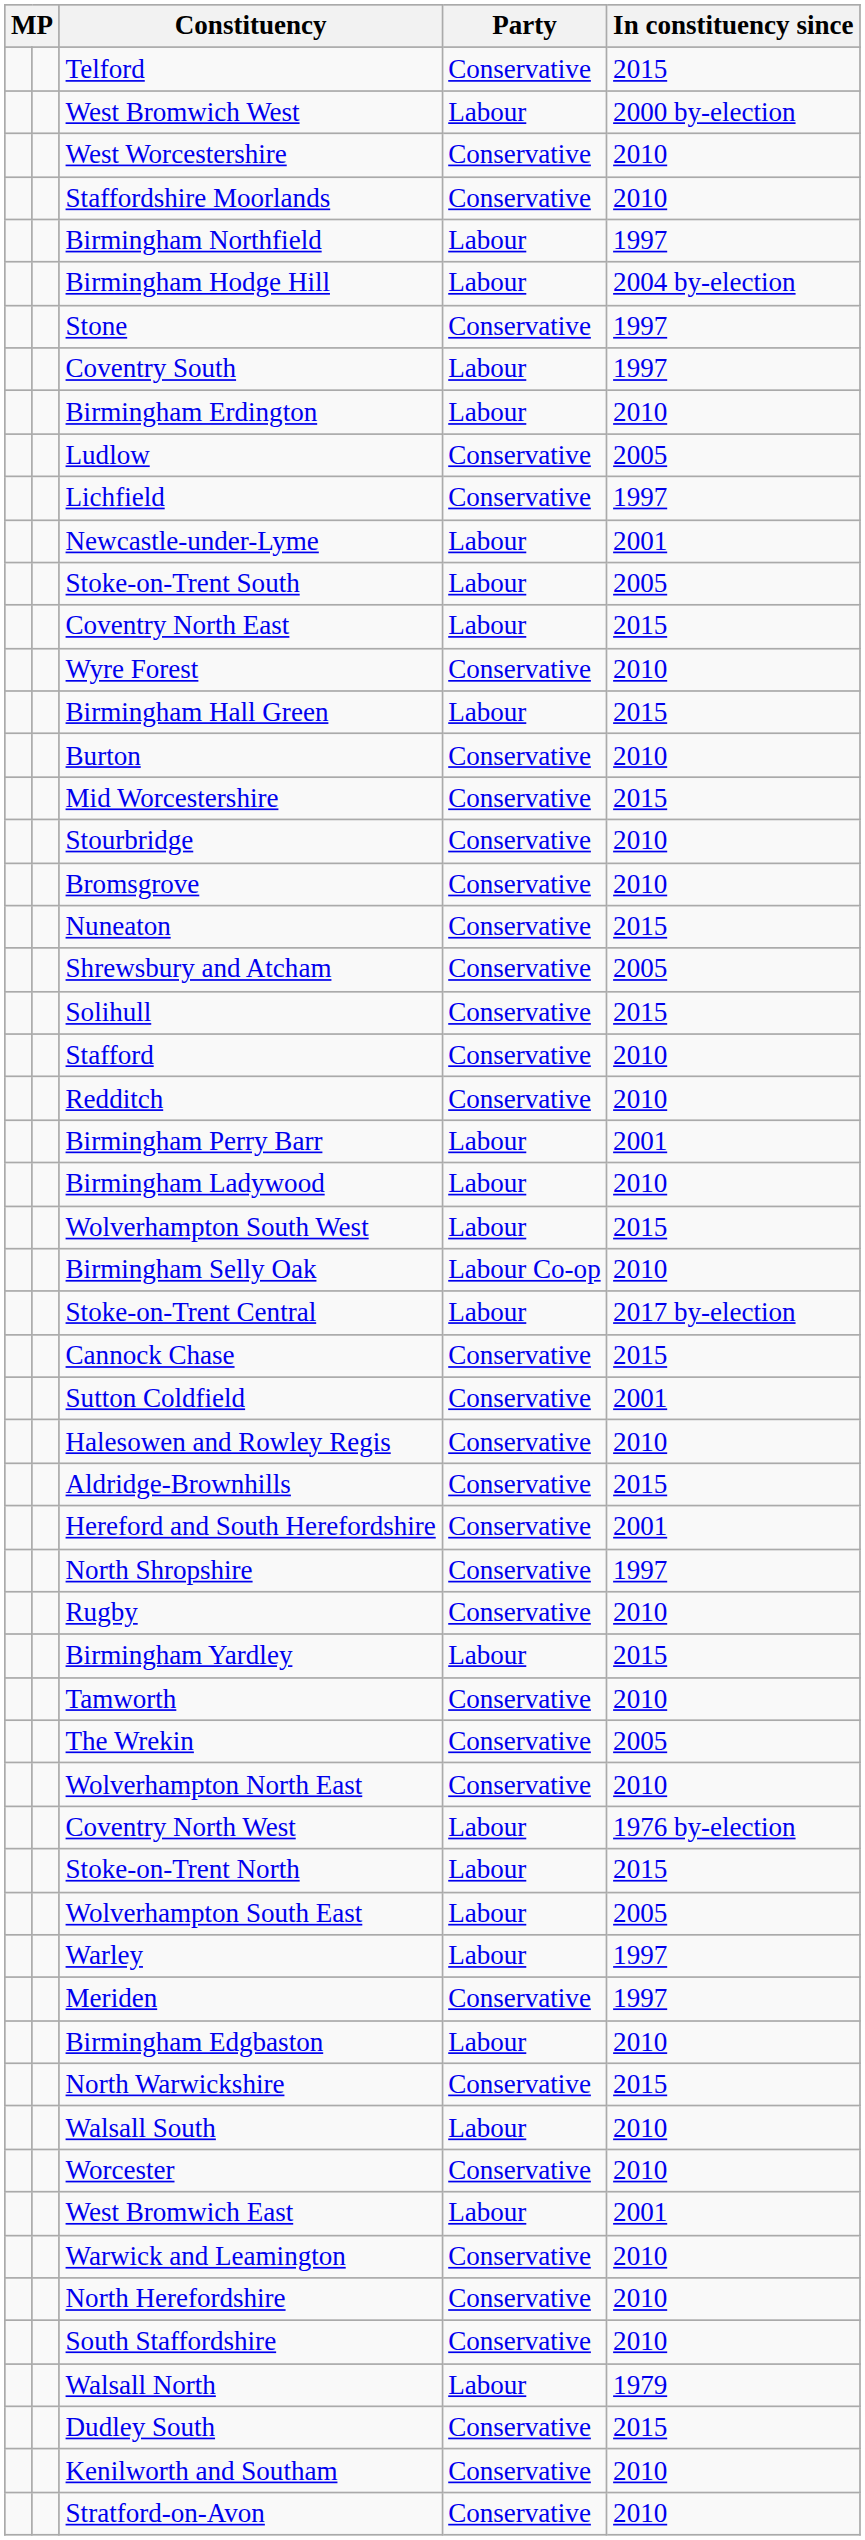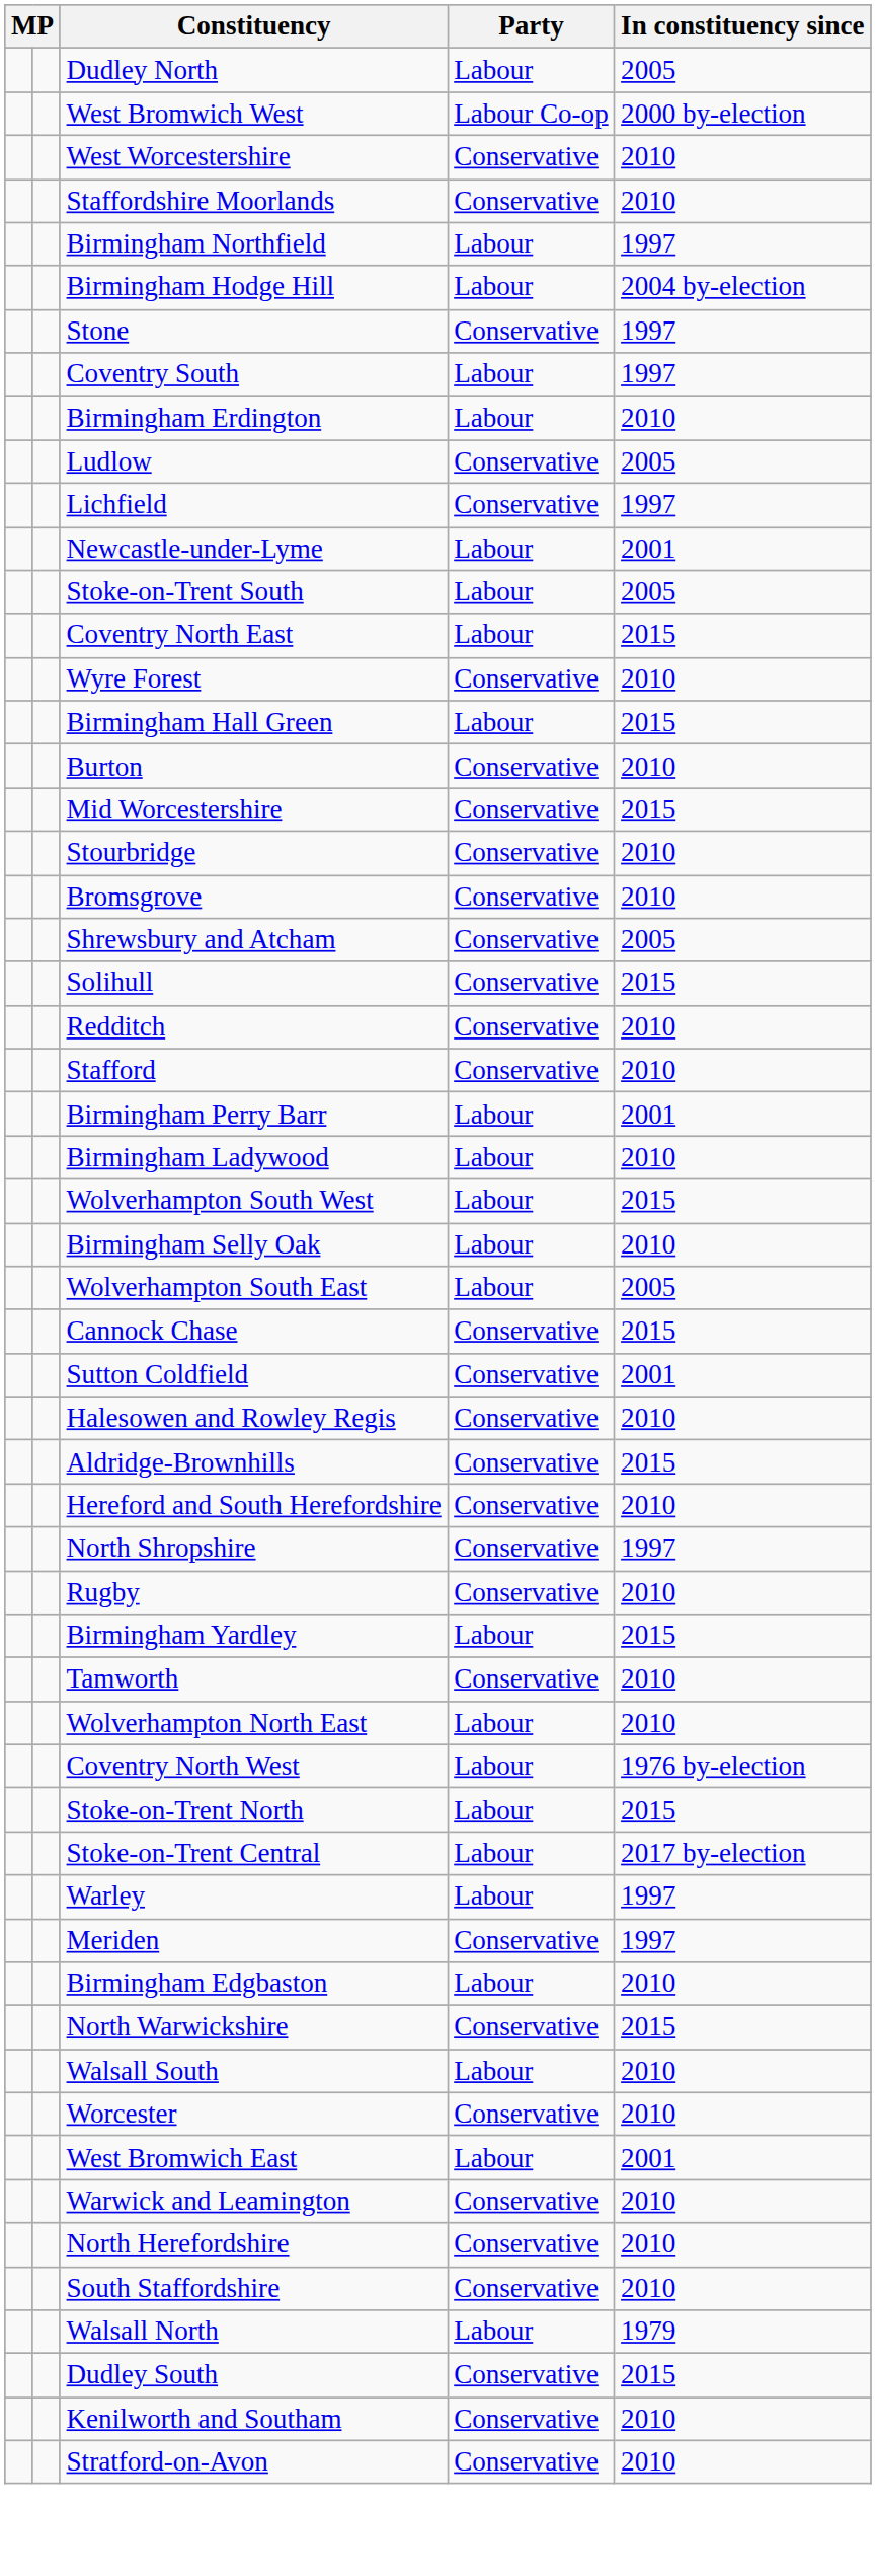 <table class="wikitable sortable">
 <tr>
 <th colspan=2>MP</th>
 <th>Constituency</th>
 <th>Party</th>
 <th>In constituency since</th>
 </tr>
 <tr>
 <td></td>
 <td></td>
-<td><a href='#'>Telford</a></td>
-<td><a href='#'>Conservative</a></td>
-<td><a href='#'>2015</a></td>
+<td><a href='#'>Dudley North</a></td>
+<td><a href='#'>Labour</a></td>
+<td><a href='#'>2005</a></td>
 </tr>
 <tr>
 <td></td>
 <td></td>
 <td><a href='#'>West Bromwich West</a></td>
-<td><a href='#'>Labour</a></td>
+<td><a href='#'>Labour Co-op</a></td>
 <td><a href='#'>2000 by-election</a></td>
 </tr>
 <tr>
 <td></td>
 <td></td>
 <td><a href='#'>West Worcestershire</a></td>
 <td><a href='#'>Conservative</a></td>
 <td><a href='#'>2010</a></td>
 </tr>
 <tr>
 <td></td>
 <td></td>
 <td><a href='#'>Staffordshire Moorlands</a></td>
 <td><a href='#'>Conservative</a></td>
 <td><a href='#'>2010</a></td>
 </tr>
 <tr>
 <td></td>
 <td></td>
 <td><a href='#'>Birmingham Northfield</a></td>
 <td><a href='#'>Labour</a></td>
 <td><a href='#'>1997</a></td>
 </tr>
 <tr>
 <td></td>
 <td></td>
 <td><a href='#'>Birmingham Hodge Hill</a></td>
 <td><a href='#'>Labour</a></td>
 <td><a href='#'>2004 by-election</a></td>
 </tr>
 <tr>
 <td></td>
 <td></td>
 <td><a href='#'>Stone</a></td>
 <td><a href='#'>Conservative</a></td>
 <td><a href='#'>1997</a></td>
 </tr>
 <tr>
 <td></td>
 <td></td>
 <td><a href='#'>Coventry South</a></td>
 <td><a href='#'>Labour</a></td>
 <td><a href='#'>1997</a></td>
 </tr>
 <tr>
 <td></td>
 <td></td>
 <td><a href='#'>Birmingham Erdington</a></td>
 <td><a href='#'>Labour</a></td>
 <td><a href='#'>2010</a></td>
 </tr>
 <tr>
 <td></td>
 <td></td>
 <td><a href='#'>Ludlow</a></td>
 <td><a href='#'>Conservative</a></td>
 <td><a href='#'>2005</a></td>
 </tr>
 <tr>
 <td></td>
 <td></td>
 <td><a href='#'>Lichfield</a></td>
 <td><a href='#'>Conservative</a></td>
 <td><a href='#'>1997</a></td>
 </tr>
 <tr>
 <td></td>
 <td></td>
 <td><a href='#'>Newcastle-under-Lyme</a></td>
 <td><a href='#'>Labour</a></td>
 <td><a href='#'>2001</a></td>
 </tr>
 <tr>
 <td></td>
 <td></td>
 <td><a href='#'>Stoke-on-Trent South</a></td>
 <td><a href='#'>Labour</a></td>
 <td><a href='#'>2005</a></td>
 </tr>
 <tr>
 <td></td>
 <td></td>
 <td><a href='#'>Coventry North East</a></td>
 <td><a href='#'>Labour</a></td>
 <td><a href='#'>2015</a></td>
 </tr>
 <tr>
 <td></td>
 <td></td>
 <td><a href='#'>Wyre Forest</a></td>
 <td><a href='#'>Conservative</a></td>
 <td><a href='#'>2010</a></td>
 </tr>
 <tr>
 <td></td>
 <td></td>
 <td><a href='#'>Birmingham Hall Green</a></td>
 <td><a href='#'>Labour</a></td>
 <td><a href='#'>2015</a></td>
 </tr>
 <tr>
 <td></td>
 <td></td>
 <td><a href='#'>Burton</a></td>
 <td><a href='#'>Conservative</a></td>
 <td><a href='#'>2010</a></td>
 </tr>
 <tr>
 <td></td>
 <td></td>
 <td><a href='#'>Mid Worcestershire</a></td>
 <td><a href='#'>Conservative</a></td>
 <td><a href='#'>2015</a></td>
 </tr>
 <tr>
 <td></td>
 <td></td>
 <td><a href='#'>Stourbridge</a></td>
 <td><a href='#'>Conservative</a></td>
 <td><a href='#'>2010</a></td>
 </tr>
 <tr>
 <td></td>
 <td></td>
 <td><a href='#'>Bromsgrove</a></td>
 <td><a href='#'>Conservative</a></td>
 <td><a href='#'>2010</a></td>
 </tr>
 <tr>
 <td></td>
 <td></td>
-<td><a href='#'>Nuneaton</a></td>
-<td><a href='#'>Conservative</a></td>
-<td><a href='#'>2015</a></td>
-</tr>
-<tr>
-<td></td>
-<td></td>
 <td><a href='#'>Shrewsbury and Atcham</a></td>
 <td><a href='#'>Conservative</a></td>
 <td><a href='#'>2005</a></td>
 </tr>
 <tr>
 <td></td>
 <td></td>
 <td><a href='#'>Solihull</a></td>
 <td><a href='#'>Conservative</a></td>
 <td><a href='#'>2015</a></td>
 </tr>
 <tr>
 <td></td>
 <td></td>
-<td><a href='#'>Stafford</a></td>
+<td><a href='#'>Redditch</a></td>
 <td><a href='#'>Conservative</a></td>
 <td><a href='#'>2010</a></td>
 </tr>
 <tr>
 <td></td>
 <td></td>
-<td><a href='#'>Redditch</a></td>
+<td><a href='#'>Stafford</a></td>
 <td><a href='#'>Conservative</a></td>
 <td><a href='#'>2010</a></td>
 </tr>
 <tr>
 <td></td>
 <td></td>
 <td><a href='#'>Birmingham Perry Barr</a></td>
 <td><a href='#'>Labour</a></td>
 <td><a href='#'>2001</a></td>
 </tr>
 <tr>
 <td></td>
 <td></td>
 <td><a href='#'>Birmingham Ladywood</a></td>
 <td><a href='#'>Labour</a></td>
 <td><a href='#'>2010</a></td>
 </tr>
 <tr>
 <td></td>
 <td></td>
 <td><a href='#'>Wolverhampton South West</a></td>
 <td><a href='#'>Labour</a></td>
 <td><a href='#'>2015</a></td>
 </tr>
 <tr>
 <td></td>
 <td></td>
 <td><a href='#'>Birmingham Selly Oak</a></td>
-<td><a href='#'>Labour Co-op</a></td>
+<td><a href='#'>Labour</a></td>
 <td><a href='#'>2010</a></td>
 </tr>
 <tr>
 <td></td>
 <td></td>
-<td><a href='#'>Stoke-on-Trent Central</a></td>
+<td><a href='#'>Wolverhampton South East</a></td>
 <td><a href='#'>Labour</a></td>
-<td><a href='#'>2017 by-election</a></td>
+<td><a href='#'>2005</a></td>
 </tr>
 <tr>
 <td></td>
 <td></td>
 <td><a href='#'>Cannock Chase</a></td>
 <td><a href='#'>Conservative</a></td>
 <td><a href='#'>2015</a></td>
 </tr>
 <tr>
 <td></td>
 <td></td>
 <td><a href='#'>Sutton Coldfield</a></td>
 <td><a href='#'>Conservative</a></td>
 <td><a href='#'>2001</a></td>
 </tr>
 <tr>
 <td></td>
 <td></td>
 <td><a href='#'>Halesowen and Rowley Regis</a></td>
 <td><a href='#'>Conservative</a></td>
 <td><a href='#'>2010</a></td>
 </tr>
 <tr>
 <td></td>
 <td></td>
 <td><a href='#'>Aldridge-Brownhills</a></td>
 <td><a href='#'>Conservative</a></td>
 <td><a href='#'>2015</a></td>
 </tr>
 <tr>
 <td></td>
 <td></td>
 <td><a href='#'>Hereford and South Herefordshire</a></td>
 <td><a href='#'>Conservative</a></td>
-<td><a href='#'>2001</a></td>
+<td><a href='#'>2010</a></td>
 </tr>
 <tr>
 <td></td>
 <td></td>
 <td><a href='#'>North Shropshire</a></td>
 <td><a href='#'>Conservative</a></td>
 <td><a href='#'>1997</a></td>
 </tr>
 <tr>
 <td></td>
 <td></td>
 <td><a href='#'>Rugby</a></td>
 <td><a href='#'>Conservative</a></td>
 <td><a href='#'>2010</a></td>
 </tr>
 <tr>
 <td></td>
 <td></td>
 <td><a href='#'>Birmingham Yardley</a></td>
 <td><a href='#'>Labour</a></td>
 <td><a href='#'>2015</a></td>
 </tr>
 <tr>
 <td></td>
 <td></td>
 <td><a href='#'>Tamworth</a></td>
 <td><a href='#'>Conservative</a></td>
 <td><a href='#'>2010</a></td>
 </tr>
 <tr>
 <td></td>
 <td></td>
-<td><a href='#'>The Wrekin</a></td>
-<td><a href='#'>Conservative</a></td>
-<td><a href='#'>2005</a></td>
-</tr>
-<tr>
-<td></td>
-<td></td>
 <td><a href='#'>Wolverhampton North East</a></td>
-<td><a href='#'>Conservative</a></td>
+<td><a href='#'>Labour</a></td>
 <td><a href='#'>2010</a></td>
 </tr>
 <tr>
 <td></td>
 <td></td>
 <td><a href='#'>Coventry North West</a></td>
 <td><a href='#'>Labour</a></td>
 <td><a href='#'>1976 by-election</a></td>
 </tr>
 <tr>
 <td></td>
 <td></td>
 <td><a href='#'>Stoke-on-Trent North</a></td>
 <td><a href='#'>Labour</a></td>
 <td><a href='#'>2015</a></td>
 </tr>
 <tr>
 <td></td>
 <td></td>
-<td><a href='#'>Wolverhampton South East</a></td>
+<td><a href='#'>Stoke-on-Trent Central</a></td>
 <td><a href='#'>Labour</a></td>
-<td><a href='#'>2005</a></td>
+<td><a href='#'>2017 by-election</a></td>
 </tr>
 <tr>
 <td></td>
 <td></td>
 <td><a href='#'>Warley</a></td>
 <td><a href='#'>Labour</a></td>
 <td><a href='#'>1997</a></td>
 </tr>
 <tr>
 <td></td>
 <td></td>
 <td><a href='#'>Meriden</a></td>
 <td><a href='#'>Conservative</a></td>
 <td><a href='#'>1997</a></td>
 </tr>
 <tr>
 <td></td>
 <td></td>
 <td><a href='#'>Birmingham Edgbaston</a></td>
 <td><a href='#'>Labour</a></td>
 <td><a href='#'>2010</a></td>
 </tr>
 <tr>
 <td></td>
 <td></td>
 <td><a href='#'>North Warwickshire</a></td>
 <td><a href='#'>Conservative</a></td>
 <td><a href='#'>2015</a></td>
 </tr>
 <tr>
 <td></td>
 <td></td>
 <td><a href='#'>Walsall South</a></td>
 <td><a href='#'>Labour</a></td>
 <td><a href='#'>2010</a></td>
 </tr>
 <tr>
 <td></td>
 <td></td>
 <td><a href='#'>Worcester</a></td>
 <td><a href='#'>Conservative</a></td>
 <td><a href='#'>2010</a></td>
 </tr>
 <tr>
 <td></td>
 <td></td>
 <td><a href='#'>West Bromwich East</a></td>
 <td><a href='#'>Labour</a></td>
 <td><a href='#'>2001</a></td>
 </tr>
 <tr>
 <td></td>
 <td></td>
 <td><a href='#'>Warwick and Leamington</a></td>
 <td><a href='#'>Conservative</a></td>
 <td><a href='#'>2010</a></td>
 </tr>
 <tr>
 <td></td>
 <td></td>
 <td><a href='#'>North Herefordshire</a></td>
 <td><a href='#'>Conservative</a></td>
 <td><a href='#'>2010</a></td>
 </tr>
 <tr>
 <td></td>
 <td></td>
 <td><a href='#'>South Staffordshire</a></td>
 <td><a href='#'>Conservative</a></td>
 <td><a href='#'>2010</a></td>
 </tr>
 <tr>
 <td></td>
 <td></td>
 <td><a href='#'>Walsall North</a></td>
 <td><a href='#'>Labour</a></td>
 <td><a href='#'>1979</a></td>
 </tr>
 <tr>
 <td></td>
 <td></td>
 <td><a href='#'>Dudley South</a></td>
 <td><a href='#'>Conservative</a></td>
 <td><a href='#'>2015</a></td>
 </tr>
 <tr>
 <td></td>
 <td></td>
 <td><a href='#'>Kenilworth and Southam</a></td>
 <td><a href='#'>Conservative</a></td>
 <td><a href='#'>2010</a></td>
 </tr>
 <tr>
 <td></td>
 <td></td>
 <td><a href='#'>Stratford-on-Avon</a></td>
 <td><a href='#'>Conservative</a></td>
 <td><a href='#'>2010</a></td>
 </tr>
 </table>
